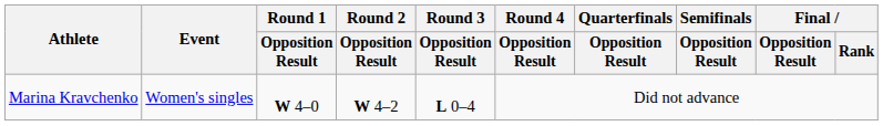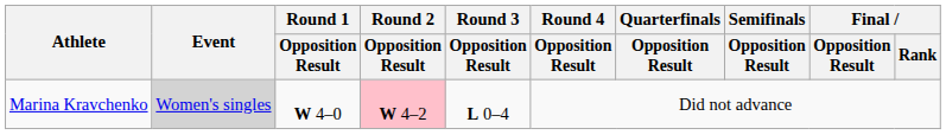 <table class="wikitable" style="font-size:90%">
 <tr>
 <th rowspan="2">Athlete</th>
 <th rowspan="2">Event</th>
 <th>Round 1</th>
 <th>Round 2</th>
 <th>Round 3</th>
 <th>Round 4</th>
 <th>Quarterfinals</th>
 <th>Semifinals</th>
 <th colspan=2>Final / </th>
 </tr>
 <tr style="font-size:95%">
 <th>Opposition<br>Result</th>
 <th>Opposition<br>Result</th>
 <th>Opposition<br>Result</th>
 <th>Opposition<br>Result</th>
 <th>Opposition<br>Result</th>
 <th>Opposition<br>Result</th>
 <th>Opposition<br>Result</th>
 <th>Rank</th>
 </tr>
 <tr align=center>
 <td align=left><a href='#'>Marina Kravchenko</a></td>
-<td align=left><a href='#'>Women's singles</a></td>
+<td align=left style="background: lightgrey;"><a href='#'>Women's singles</a></td>
 <td><br><strong>W</strong> 4–0</td>
-<td><br><strong>W</strong> 4–2</td>
+<td style="background: pink;"><br><strong>W</strong> 4–2</td>
 <td><br><strong>L</strong> 0–4</td>
 <td colspan=5>Did not advance</td>
 </tr>
 </table>
